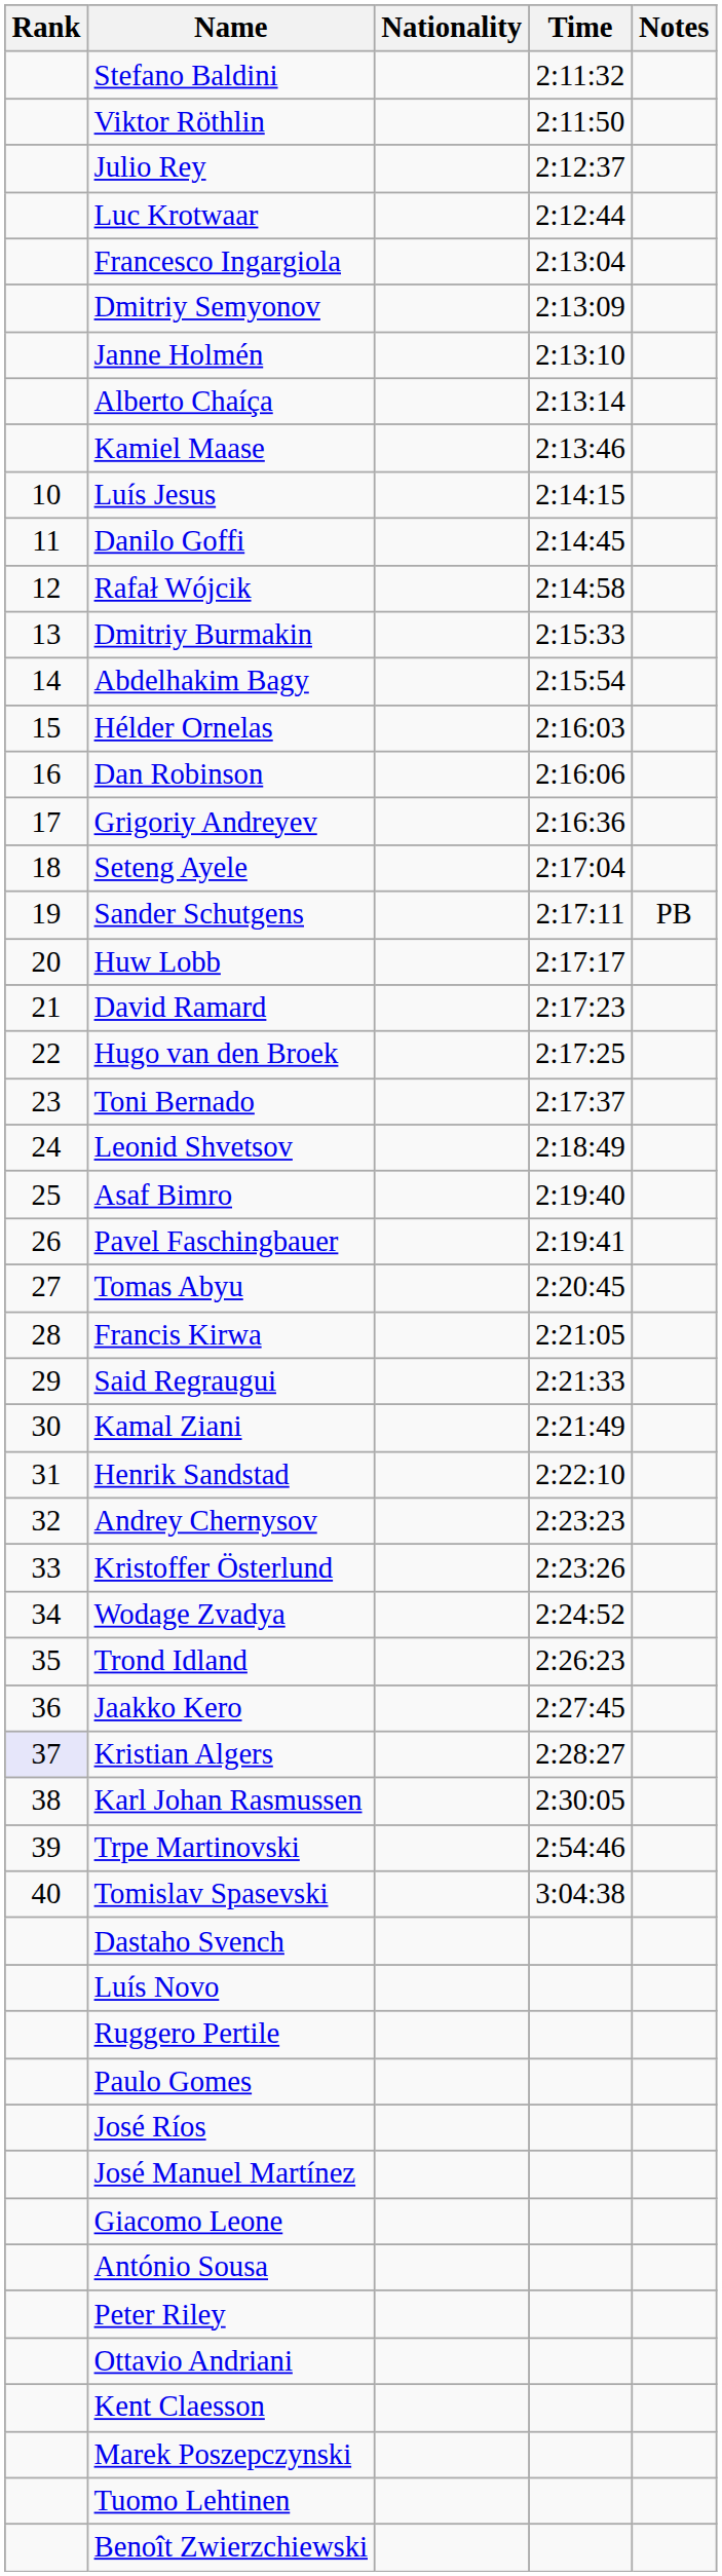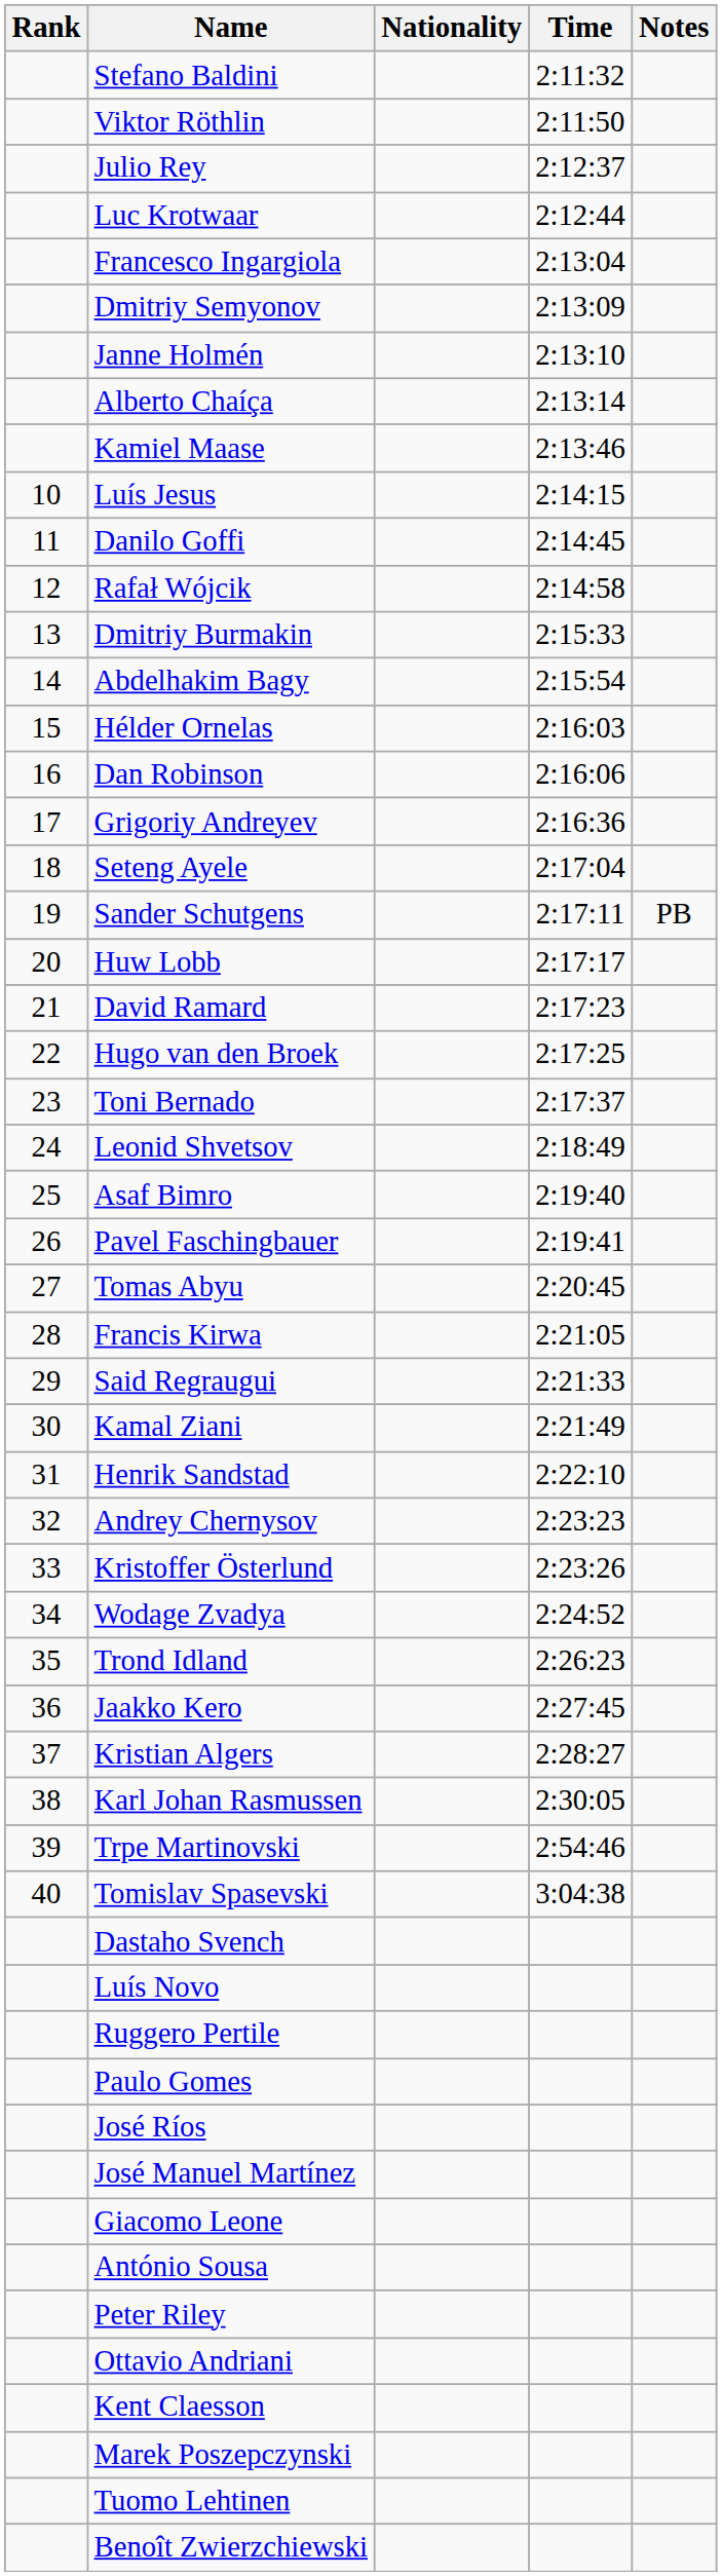 <table class="wikitable sortable" style="text-align:center">
 <tr>
 <th>Rank</th>
 <th>Name</th>
 <th>Nationality</th>
 <th>Time</th>
 <th>Notes</th>
 </tr>
 <tr>
 <td></td>
 <td align=left><a href='#'>Stefano Baldini</a></td>
 <td align=left></td>
 <td>2:11:32</td>
 <td></td>
 </tr>
 <tr>
 <td></td>
 <td align=left><a href='#'>Viktor Röthlin</a></td>
 <td align=left></td>
 <td>2:11:50</td>
 <td></td>
 </tr>
 <tr>
 <td></td>
 <td align=left><a href='#'>Julio Rey</a></td>
 <td align=left></td>
 <td>2:12:37</td>
 <td></td>
 </tr>
 <tr>
 <td></td>
 <td align=left><a href='#'>Luc Krotwaar</a></td>
 <td align=left></td>
 <td>2:12:44</td>
 <td></td>
 </tr>
 <tr>
 <td></td>
 <td align=left><a href='#'>Francesco Ingargiola</a></td>
 <td align=left></td>
 <td>2:13:04</td>
 <td></td>
 </tr>
 <tr>
 <td></td>
 <td align=left><a href='#'>Dmitriy Semyonov</a></td>
 <td align=left></td>
 <td>2:13:09</td>
 <td></td>
 </tr>
 <tr>
 <td></td>
 <td align=left><a href='#'>Janne Holmén</a></td>
 <td align=left></td>
 <td>2:13:10</td>
 <td></td>
 </tr>
 <tr>
 <td></td>
 <td align=left><a href='#'>Alberto Chaíça</a></td>
 <td align=left></td>
 <td>2:13:14</td>
 <td></td>
 </tr>
 <tr>
 <td></td>
 <td align=left><a href='#'>Kamiel Maase</a></td>
 <td align=left></td>
 <td>2:13:46</td>
 <td></td>
 </tr>
 <tr>
 <td>10</td>
 <td align=left><a href='#'>Luís Jesus</a></td>
 <td align=left></td>
 <td>2:14:15</td>
 <td></td>
 </tr>
 <tr>
 <td>11</td>
 <td align=left><a href='#'>Danilo Goffi</a></td>
 <td align=left></td>
 <td>2:14:45</td>
 <td></td>
 </tr>
 <tr>
 <td>12</td>
 <td align=left><a href='#'>Rafał Wójcik</a></td>
 <td align=left></td>
 <td>2:14:58</td>
 <td></td>
 </tr>
 <tr>
 <td>13</td>
 <td align=left><a href='#'>Dmitriy Burmakin</a></td>
 <td align=left></td>
 <td>2:15:33</td>
 <td></td>
 </tr>
 <tr>
 <td>14</td>
 <td align=left><a href='#'>Abdelhakim Bagy</a></td>
 <td align=left></td>
 <td>2:15:54</td>
 <td></td>
 </tr>
 <tr>
 <td>15</td>
 <td align=left><a href='#'>Hélder Ornelas</a></td>
 <td align=left></td>
 <td>2:16:03</td>
 <td></td>
 </tr>
 <tr>
 <td>16</td>
 <td align=left><a href='#'>Dan Robinson</a></td>
 <td align=left></td>
 <td>2:16:06</td>
 <td></td>
 </tr>
 <tr>
 <td>17</td>
 <td align=left><a href='#'>Grigoriy Andreyev</a></td>
 <td align=left></td>
 <td>2:16:36</td>
 <td></td>
 </tr>
 <tr>
 <td>18</td>
 <td align=left><a href='#'>Seteng Ayele</a></td>
 <td align=left></td>
 <td>2:17:04</td>
 <td></td>
 </tr>
 <tr>
 <td>19</td>
 <td align=left><a href='#'>Sander Schutgens</a></td>
 <td align=left></td>
 <td>2:17:11</td>
 <td>PB</td>
 </tr>
 <tr>
 <td>20</td>
 <td align=left><a href='#'>Huw Lobb</a></td>
 <td align=left></td>
 <td>2:17:17</td>
 <td></td>
 </tr>
 <tr>
 <td>21</td>
 <td align=left><a href='#'>David Ramard</a></td>
 <td align=left></td>
 <td>2:17:23</td>
 <td></td>
 </tr>
 <tr>
 <td>22</td>
 <td align=left><a href='#'>Hugo van den Broek</a></td>
 <td align=left></td>
 <td>2:17:25</td>
 <td></td>
 </tr>
 <tr>
 <td>23</td>
 <td align=left><a href='#'>Toni Bernado</a></td>
 <td align=left></td>
 <td>2:17:37</td>
 <td></td>
 </tr>
 <tr>
 <td>24</td>
 <td align=left><a href='#'>Leonid Shvetsov</a></td>
 <td align=left></td>
 <td>2:18:49</td>
 <td></td>
 </tr>
 <tr>
 <td>25</td>
 <td align=left><a href='#'>Asaf Bimro</a></td>
 <td align=left></td>
 <td>2:19:40</td>
 <td></td>
 </tr>
 <tr>
 <td>26</td>
 <td align=left><a href='#'>Pavel Faschingbauer</a></td>
 <td align=left></td>
 <td>2:19:41</td>
 <td></td>
 </tr>
 <tr>
 <td>27</td>
 <td align=left><a href='#'>Tomas Abyu</a></td>
 <td align=left></td>
 <td>2:20:45</td>
 <td></td>
 </tr>
 <tr>
 <td>28</td>
 <td align=left><a href='#'>Francis Kirwa</a></td>
 <td align=left></td>
 <td>2:21:05</td>
 <td></td>
 </tr>
 <tr>
 <td>29</td>
 <td align=left><a href='#'>Said Regraugui</a></td>
 <td align=left></td>
 <td>2:21:33</td>
 <td></td>
 </tr>
 <tr>
 <td>30</td>
 <td align=left><a href='#'>Kamal Ziani</a></td>
 <td align=left></td>
 <td>2:21:49</td>
 <td></td>
 </tr>
 <tr>
 <td>31</td>
 <td align=left><a href='#'>Henrik Sandstad</a></td>
 <td align=left></td>
 <td>2:22:10</td>
 <td></td>
 </tr>
 <tr>
 <td>32</td>
 <td align=left><a href='#'>Andrey Chernysov</a></td>
 <td align=left></td>
 <td>2:23:23</td>
 <td></td>
 </tr>
 <tr>
 <td>33</td>
 <td align=left><a href='#'>Kristoffer Österlund</a></td>
 <td align=left></td>
 <td>2:23:26</td>
 <td></td>
 </tr>
 <tr>
 <td>34</td>
 <td align=left><a href='#'>Wodage Zvadya</a></td>
 <td align=left></td>
 <td>2:24:52</td>
 <td></td>
 </tr>
 <tr>
 <td>35</td>
 <td align=left><a href='#'>Trond Idland</a></td>
 <td align=left></td>
 <td>2:26:23</td>
 <td></td>
 </tr>
 <tr>
 <td>36</td>
 <td align=left><a href='#'>Jaakko Kero</a></td>
 <td align=left></td>
 <td>2:27:45</td>
 <td></td>
 </tr>
 <tr>
-<td style="background: lavender;">37</td>
+<td>37</td>
 <td align=left><a href='#'>Kristian Algers</a></td>
 <td align=left></td>
 <td>2:28:27</td>
 <td></td>
 </tr>
 <tr>
 <td>38</td>
 <td align=left><a href='#'>Karl Johan Rasmussen</a></td>
 <td align=left></td>
 <td>2:30:05</td>
 <td></td>
 </tr>
 <tr>
 <td>39</td>
 <td align=left><a href='#'>Trpe Martinovski</a></td>
 <td align=left></td>
 <td>2:54:46</td>
 <td></td>
 </tr>
 <tr>
 <td>40</td>
 <td align=left><a href='#'>Tomislav Spasevski</a></td>
 <td align=left></td>
 <td>3:04:38</td>
 <td></td>
 </tr>
 <tr>
 <td></td>
 <td align=left><a href='#'>Dastaho Svench</a></td>
 <td align=left></td>
 <td></td>
 <td></td>
 </tr>
 <tr>
 <td></td>
 <td align=left><a href='#'>Luís Novo</a></td>
 <td align=left></td>
 <td></td>
 <td></td>
 </tr>
 <tr>
 <td></td>
 <td align=left><a href='#'>Ruggero Pertile</a></td>
 <td align=left></td>
 <td></td>
 <td></td>
 </tr>
 <tr>
 <td></td>
 <td align=left><a href='#'>Paulo Gomes</a></td>
 <td align=left></td>
 <td></td>
 <td></td>
 </tr>
 <tr>
 <td></td>
 <td align=left><a href='#'>José Ríos</a></td>
 <td align=left></td>
 <td></td>
 <td></td>
 </tr>
 <tr>
 <td></td>
 <td align=left><a href='#'>José Manuel Martínez</a></td>
 <td align=left></td>
 <td></td>
 <td></td>
 </tr>
 <tr>
 <td></td>
 <td align=left><a href='#'>Giacomo Leone</a></td>
 <td align=left></td>
 <td></td>
 <td></td>
 </tr>
 <tr>
 <td></td>
 <td align=left><a href='#'>António Sousa</a></td>
 <td align=left></td>
 <td></td>
 <td></td>
 </tr>
 <tr>
 <td></td>
 <td align=left><a href='#'>Peter Riley</a></td>
 <td align=left></td>
 <td></td>
 <td></td>
 </tr>
 <tr>
 <td></td>
 <td align=left><a href='#'>Ottavio Andriani</a></td>
 <td align=left></td>
 <td></td>
 <td></td>
 </tr>
 <tr>
 <td></td>
 <td align=left><a href='#'>Kent Claesson</a></td>
 <td align=left></td>
 <td></td>
 <td></td>
 </tr>
 <tr>
 <td></td>
 <td align=left><a href='#'>Marek Poszepczynski</a></td>
 <td align=left></td>
 <td></td>
 <td></td>
 </tr>
 <tr>
 <td></td>
 <td align=left><a href='#'>Tuomo Lehtinen</a></td>
 <td align=left></td>
 <td></td>
 <td></td>
 </tr>
 <tr>
 <td></td>
 <td align=left><a href='#'>Benoît Zwierzchiewski</a></td>
 <td align=left></td>
 <td></td>
 <td></td>
 </tr>
 </table>
